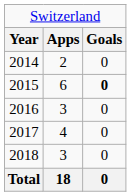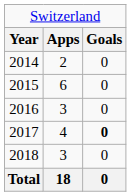 <table class="wikitable" style="text-align:center">
 <tr>
 <td colspan="3"><a href='#'>Switzerland</a></td>
 </tr>
 <tr>
 <th>Year</th>
 <th>Apps</th>
 <th>Goals</th>
 </tr>
 <tr>
 <td>2014</td>
 <td>2</td>
 <td>0</td>
 </tr>
 <tr>
 <td>2015</td>
 <td>6</td>
-<td><strong>0</strong></td>
+<td>0</td>
 </tr>
 <tr>
 <td>2016</td>
 <td>3</td>
 <td>0</td>
 </tr>
 <tr>
 <td>2017</td>
 <td>4</td>
-<td>0</td>
+<td><strong>0</strong></td>
 </tr>
 <tr>
 <td>2018</td>
 <td>3</td>
 <td>0</td>
 </tr>
 <tr>
 <th>Total</th>
 <th>18</th>
 <th>0</th>
 </tr>
 </table>
